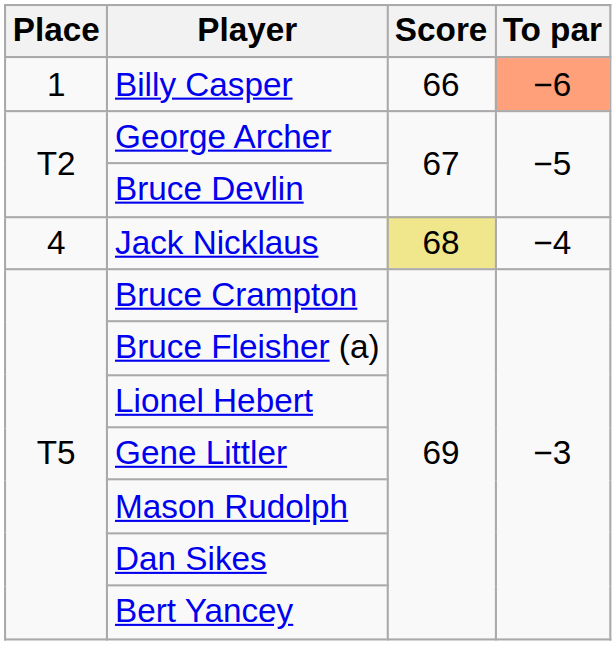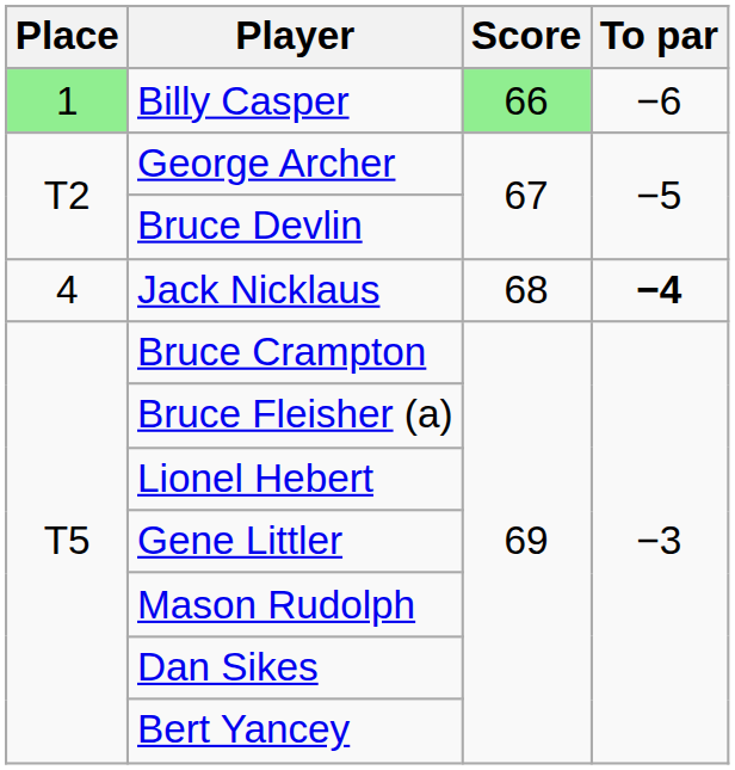 <table class="wikitable">
 <tr>
 <th>Place</th>
 <th>Player</th>
 <th>Score</th>
 <th>To par</th>
 </tr>
 <tr>
-<td align="center">1</td>
+<td align="center" style="background: lightgreen;">1</td>
 <td> <a href='#'>Billy Casper</a></td>
-<td align="center">66</td>
-<td align="center" style="background: lightsalmon;">−6</td>
+<td align="center" style="background: lightgreen;">66</td>
+<td align="center">−6</td>
 </tr>
 <tr>
 <td rowspan="2" align="center">T2</td>
 <td> <a href='#'>George Archer</a></td>
 <td rowspan="2" align="center">67</td>
 <td rowspan="2" align="center">−5</td>
 </tr>
 <tr>
 <td> <a href='#'>Bruce Devlin</a></td>
 </tr>
 <tr>
 <td align="center">4</td>
 <td> <a href='#'>Jack Nicklaus</a></td>
-<td align="center" style="background: khaki;">68</td>
-<td align="center">−4</td>
+<td align="center">68</td>
+<td align="center"><strong>−4</strong></td>
 </tr>
 <tr>
 <td rowspan="7" align="center">T5</td>
 <td> <a href='#'>Bruce Crampton</a></td>
 <td rowspan="7" align="center">69</td>
 <td rowspan="7" align="center">−3</td>
 </tr>
 <tr>
 <td> <a href='#'>Bruce Fleisher</a> (a)</td>
 </tr>
 <tr>
 <td> <a href='#'>Lionel Hebert</a></td>
 </tr>
 <tr>
 <td> <a href='#'>Gene Littler</a></td>
 </tr>
 <tr>
 <td> <a href='#'>Mason Rudolph</a></td>
 </tr>
 <tr>
 <td> <a href='#'>Dan Sikes</a></td>
 </tr>
 <tr>
 <td> <a href='#'>Bert Yancey</a></td>
 </tr>
 </table>
